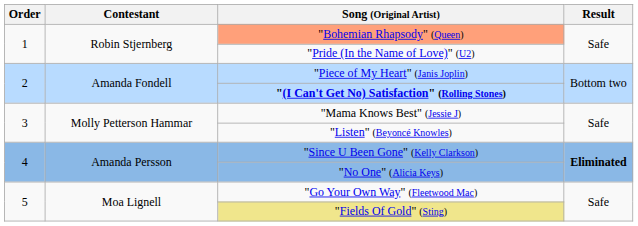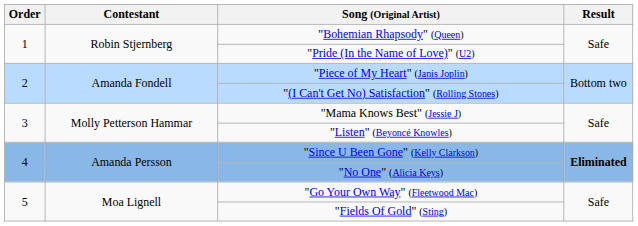 <table class="wikitable" style="font-size:90%; width:60%; text-align: center;">
 <tr>
 <th style="width:05%;">Order</th>
 <th style="width:25%;">Contestant</th>
 <th style="width:50%;">Song <small>(Original Artist)</small></th>
 <th style="width:10%;">Result</th>
 </tr>
 <tr>
 <td rowspan=2 style="text-align:center;">1</td>
 <td rowspan=2>Robin Stjernberg</td>
-<td style="background: lightsalmon;">"<a href='#'>Bohemian Rhapsody</a>" <small>(<a href='#'>Queen</a>)</small></td>
+<td>"<a href='#'>Bohemian Rhapsody</a>" <small>(<a href='#'>Queen</a>)</small></td>
 <td rowspan=2>Safe</td>
 </tr>
 <tr>
 <td>"<a href='#'>Pride (In the Name of Love)</a>" <small>(<a href='#'>U2</a>)</small></td>
 </tr>
 <tr style="background:#b8dbff;">
 <td rowspan=2 style="text-align:center;">2</td>
 <td rowspan=2>Amanda Fondell</td>
 <td>"<a href='#'>Piece of My Heart</a>" <small>(<a href='#'>Janis Joplin</a>)</small></td>
 <td rowspan=2>Bottom two</td>
 </tr>
 <tr style="background:#b8dbff;">
-<td><strong>"<a href='#'>(I Can't Get No) Satisfaction</a>" <small>(<a href='#'>Rolling Stones</a>)</small></strong></td>
+<td>"<a href='#'>(I Can't Get No) Satisfaction</a>" <small>(<a href='#'>Rolling Stones</a>)</small></td>
 </tr>
 <tr>
 <td rowspan=2 style="text-align:center;">3</td>
 <td rowspan=2>Molly Petterson Hammar</td>
 <td>"Mama Knows Best" <small>(<a href='#'>Jessie J</a>)</small></td>
 <td rowspan=2>Safe</td>
 </tr>
 <tr>
 <td>"<a href='#'>Listen</a>" <small>(<a href='#'>Beyoncé Knowles</a>)</small></td>
 </tr>
 <tr style="background:#8ab8e6;">
 <td rowspan=2 style="text-align:center;">4</td>
 <td rowspan=2>Amanda Persson</td>
 <td>"<a href='#'>Since U Been Gone</a>" <small>(<a href='#'>Kelly Clarkson</a>)</small></td>
 <td rowspan=2><strong>Eliminated</strong></td>
 </tr>
 <tr style="background:#8ab8e6;">
 <td>"<a href='#'>No One</a>" <small>(<a href='#'>Alicia Keys</a>)</small></td>
 </tr>
 <tr>
 <td rowspan=2 style="text-align:center;">5</td>
 <td rowspan=2>Moa Lignell</td>
 <td>"<a href='#'>Go Your Own Way</a>" <small>(<a href='#'>Fleetwood Mac</a>)</small></td>
 <td rowspan=2>Safe</td>
 </tr>
 <tr>
-<td style="background: khaki;">"<a href='#'>Fields Of Gold</a>" <small>(<a href='#'>Sting</a>)</small></td>
+<td>"<a href='#'>Fields Of Gold</a>" <small>(<a href='#'>Sting</a>)</small></td>
 </tr>
 </table>
